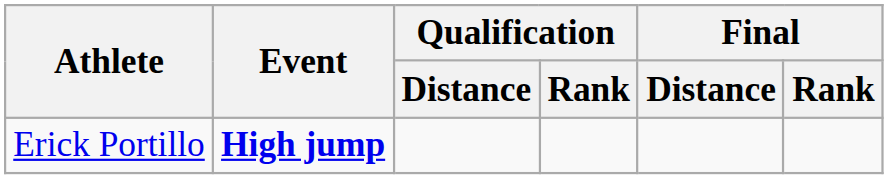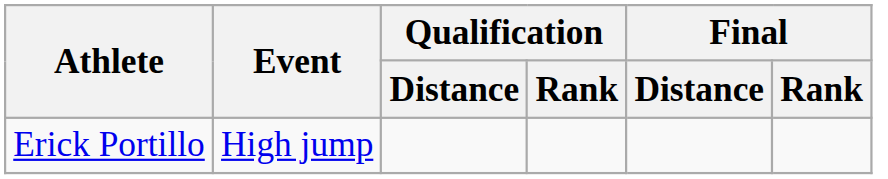 <table class="wikitable">
 <tr>
 <th rowspan="2">Athlete</th>
 <th rowspan="2">Event</th>
 <th colspan="2">Qualification</th>
 <th colspan="2">Final</th>
 </tr>
 <tr>
 <th>Distance</th>
 <th>Rank</th>
 <th>Distance</th>
 <th>Rank</th>
 </tr>
 <tr align="center">
 <td align="left"><a href='#'>Erick Portillo</a></td>
-<td align="left"><strong><a href='#'>High jump</a></strong></td>
+<td align="left"><a href='#'>High jump</a></td>
 <td></td>
 <td></td>
 <td></td>
 <td></td>
 </tr>
 </table>
